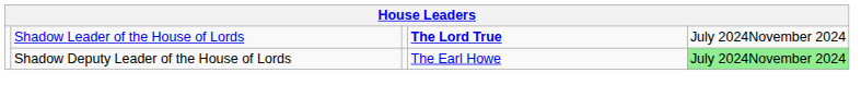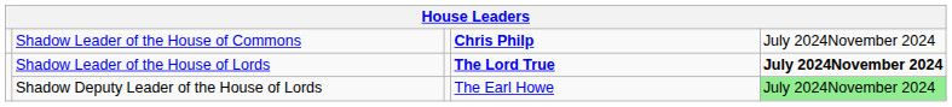 <table class="wikitable">
 <tr>
 <th colspan="5"><a href='#'>House Leaders</a></th>
+</tr>
+<tr>
+<td rowspan="1" style="background: "></td>
+<td style="width: 450px;"><a href='#'>Shadow Leader of the House of Commons</a></td>
+<td style="background: "></td>
+<td style="width: 320px;"><strong><a href='#'>Chris Philp</a></strong></td>
+<td>July 2024November 2024</td>
 </tr>
 <tr>
 <td rowspan="2" style="background: "></td>
 <td style="width: 450px;"><a href='#'>Shadow Leader of the House of Lords</a></td>
 <td style="background: "></td>
 <td style="width: 320px;"><strong><a href='#'>The Lord True</a></strong></td>
-<td>July 2024November 2024</td>
+<td><strong>July 2024November 2024</strong></td>
 </tr>
 <tr>
 <td>Shadow Deputy Leader of the House of Lords</td>
 <td style="background: "></td>
 <td><a href='#'>The Earl Howe</a></td>
 <td style="background: lightgreen;">July 2024November 2024</td>
 </tr>
 </table>
